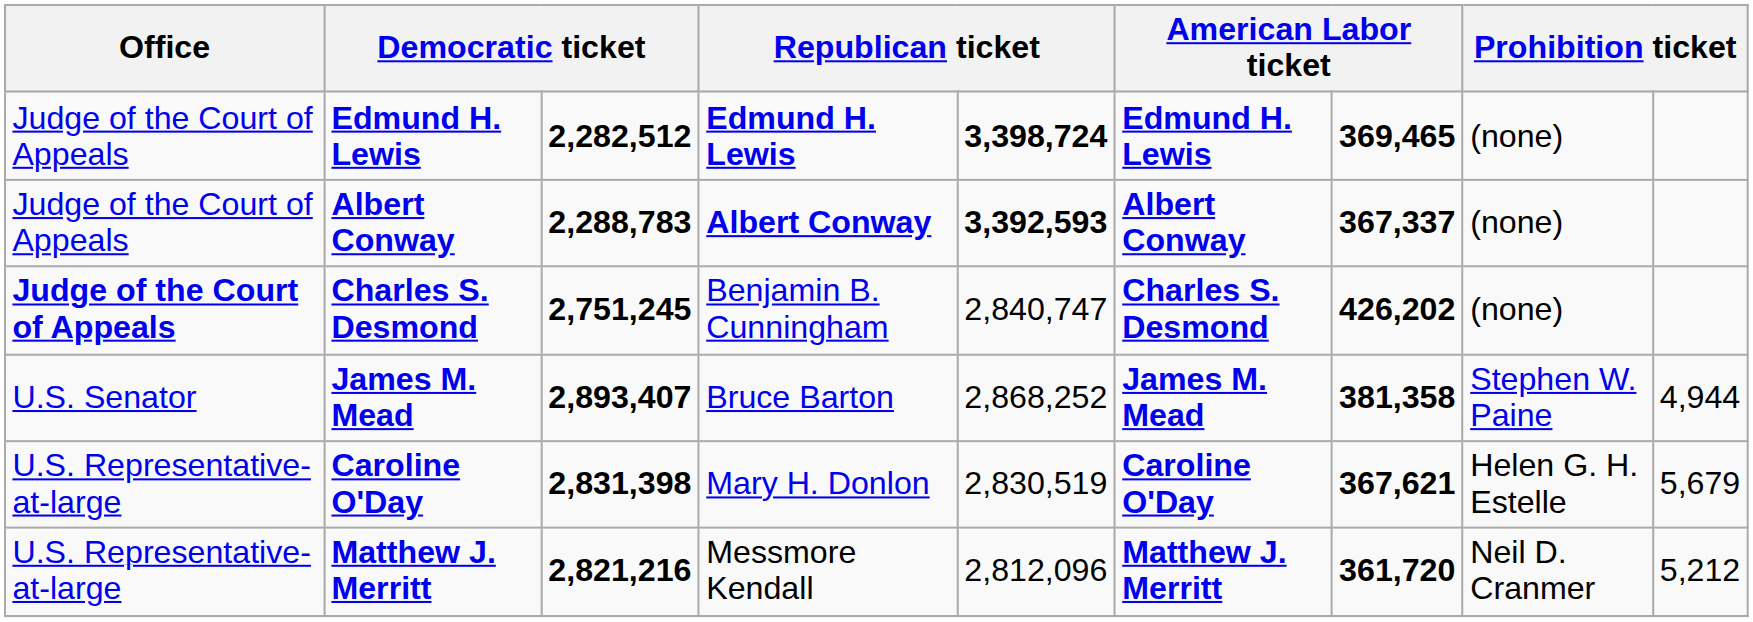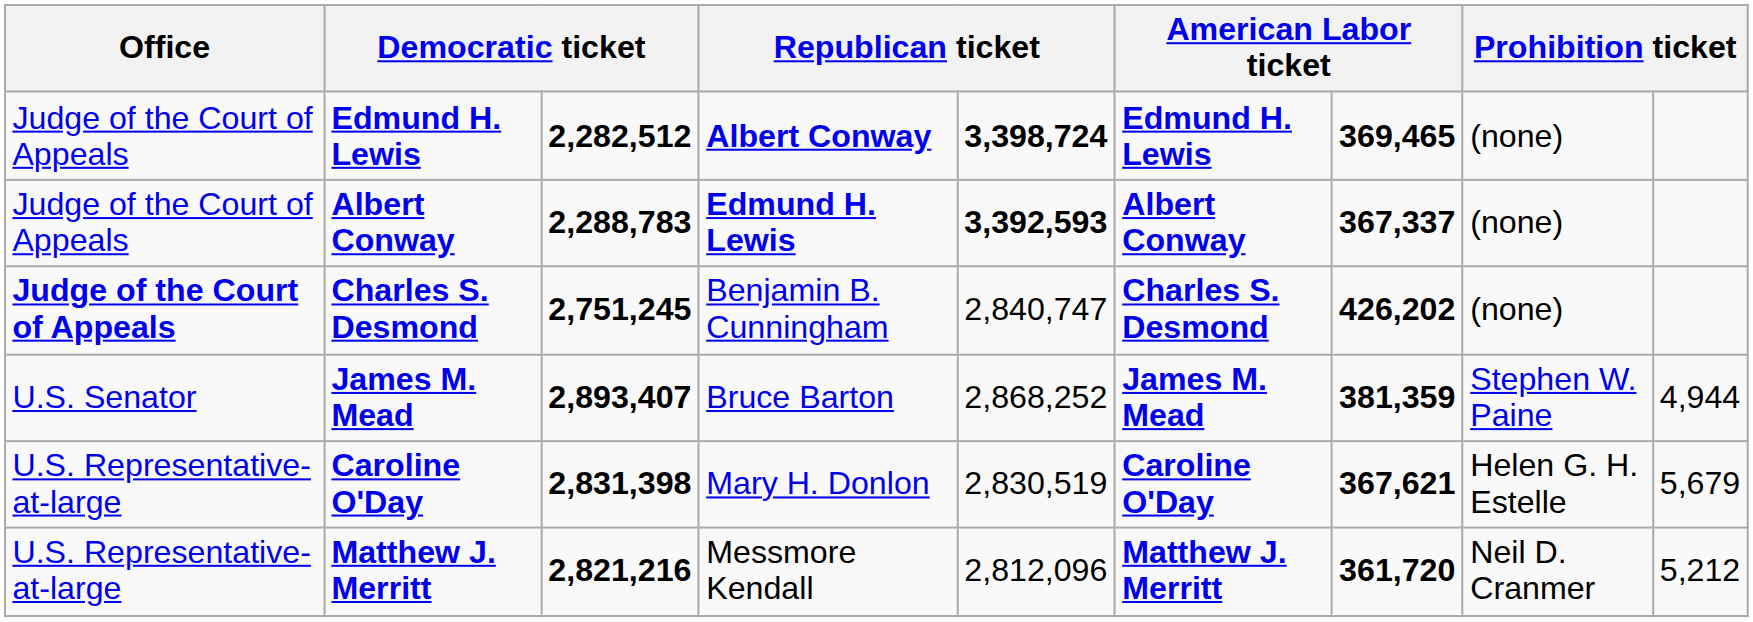 <table class=wikitable>
 <tr bgcolor=lightgrey>
 <th>Office</th>
 <th colspan="2" ><a href='#'>Democratic</a> ticket</th>
 <th colspan="2" ><a href='#'>Republican</a> ticket</th>
 <th colspan="2" ><a href='#'>American Labor</a> ticket</th>
 <th colspan="2" ><a href='#'>Prohibition</a> ticket</th>
 </tr>
 <tr>
 <td><a href='#'>Judge of the Court of Appeals</a></td>
 <td><strong><a href='#'>Edmund H. Lewis</a></strong></td>
 <td align="right"><strong>2,282,512</strong></td>
-<td><strong><a href='#'>Edmund H. Lewis</a></strong></td>
+<td><strong><a href='#'>Albert Conway</a></strong></td>
 <td align="right"><strong>3,398,724</strong></td>
 <td><strong><a href='#'>Edmund H. Lewis</a></strong></td>
 <td align="right"><strong>369,465</strong></td>
 <td>(none)</td>
 <td align="right"></td>
 </tr>
 <tr>
 <td><a href='#'>Judge of the Court of Appeals</a></td>
 <td><strong><a href='#'>Albert Conway</a></strong></td>
 <td align="right"><strong>2,288,783</strong></td>
-<td><strong><a href='#'>Albert Conway</a></strong></td>
+<td><strong><a href='#'>Edmund H. Lewis</a></strong></td>
 <td align="right"><strong>3,392,593</strong></td>
 <td><strong><a href='#'>Albert Conway</a></strong></td>
 <td align="right"><strong>367,337</strong></td>
 <td>(none)</td>
 <td align="right"></td>
 </tr>
 <tr>
 <td><strong><a href='#'>Judge of the Court of Appeals</a></strong></td>
 <td><strong><a href='#'>Charles S. Desmond</a></strong></td>
 <td align="right"><strong>2,751,245</strong></td>
 <td><a href='#'>Benjamin B. Cunningham</a></td>
 <td align="right">2,840,747</td>
 <td><strong><a href='#'>Charles S. Desmond</a></strong></td>
 <td align="right"><strong>426,202</strong></td>
 <td>(none)</td>
 <td align="right"></td>
 </tr>
 <tr>
 <td><a href='#'>U.S. Senator</a></td>
 <td><strong><a href='#'>James M. Mead</a></strong></td>
 <td align="right"><strong>2,893,407</strong></td>
 <td><a href='#'>Bruce Barton</a></td>
 <td align="right">2,868,252</td>
 <td><strong><a href='#'>James M. Mead</a></strong></td>
-<td align="right"><strong>381,358</strong></td>
+<td align="right"><strong>381,359</strong></td>
 <td><a href='#'>Stephen W. Paine</a></td>
 <td align="right">4,944</td>
 </tr>
 <tr>
 <td><a href='#'>U.S. Representative-at-large</a></td>
 <td><strong><a href='#'>Caroline O'Day</a></strong></td>
 <td align="right"><strong>2,831,398</strong></td>
 <td><a href='#'>Mary H. Donlon</a></td>
 <td align="right">2,830,519</td>
 <td><strong><a href='#'>Caroline O'Day</a></strong></td>
 <td align="right"><strong>367,621</strong></td>
 <td>Helen G. H. Estelle</td>
 <td align="right">5,679</td>
 </tr>
 <tr>
 <td><a href='#'>U.S. Representative-at-large</a></td>
 <td><strong><a href='#'>Matthew J. Merritt</a></strong></td>
 <td align="right"><strong>2,821,216</strong></td>
 <td>Messmore Kendall</td>
 <td align="right">2,812,096</td>
 <td><strong><a href='#'>Matthew J. Merritt</a></strong></td>
 <td align="right"><strong>361,720</strong></td>
 <td>Neil D. Cranmer</td>
 <td align="right">5,212</td>
 </tr>
 <tr>
 </tr>
 </table>
